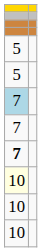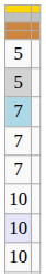 <table class="wikitable">
 <tr style="background:gold;">
 <td align=center></td>
 <td></td>
 </tr>
 <tr style="background:silver;">
 <td align=center></td>
 <td></td>
 </tr>
 <tr style="background:peru;">
 <td align=center></td>
 <td></td>
 </tr>
 <tr style="background:peru;">
 <td align=center></td>
 <td></td>
 </tr>
 <tr>
 <td align=center>5</td>
 <td></td>
 </tr>
 <tr>
-<td align=center>5</td>
+<td align=center style="background: lightgrey;">5</td>
 <td></td>
 </tr>
 <tr>
 <td align=center style="background: lightblue;">7</td>
 <td></td>
 </tr>
 <tr>
 <td align=center>7</td>
 <td></td>
 </tr>
 <tr>
-<td align=center><strong>7</strong></td>
-<td></td>
-</tr>
-<tr>
-<td align=center style="background: lightyellow;">10</td>
+<td align=center>7</td>
 <td></td>
 </tr>
 <tr>
 <td align=center>10</td>
 <td></td>
 </tr>
 <tr>
+<td align=center style="background: lavender;">10</td>
+<td></td>
+</tr>
+<tr>
 <td align=center>10</td>
 <td></td>
 </tr>
 </table>
